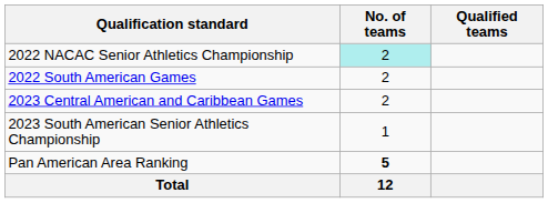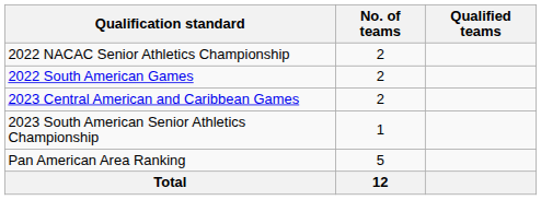 <table class="wikitable" style="text-align:left; width:600px;">
 <tr>
 <th>Qualification standard</th>
 <th>No. of teams</th>
 <th>Qualified teams</th>
 </tr>
 <tr>
 <td>2022 NACAC Senior Athletics Championship</td>
-<td align=center style="background: paleturquoise;">2</td>
+<td align=center>2</td>
 <td><br></td>
 </tr>
 <tr>
 <td><a href='#'>2022 South American Games</a></td>
 <td align=center>2</td>
 <td><br></td>
 </tr>
 <tr>
 <td><a href='#'>2023 Central American and Caribbean Games</a></td>
 <td align=center>2</td>
 <td><br></td>
 </tr>
 <tr>
 <td>2023 South American Senior Athletics Championship</td>
 <td align=center>1</td>
 <td></td>
 </tr>
 <tr>
 <td>Pan American Area Ranking</td>
-<td align=center><strong>5</strong></td>
+<td align=center>5</td>
 <td></td>
 </tr>
 <tr>
 <th>Total</th>
 <th>12</th>
 <th colspan=2></th>
 </tr>
 </table>
